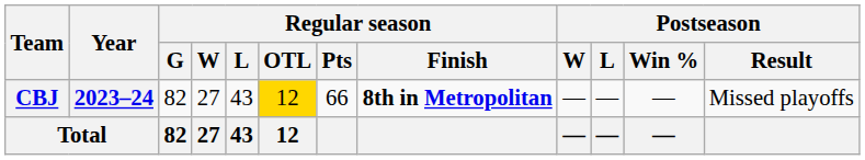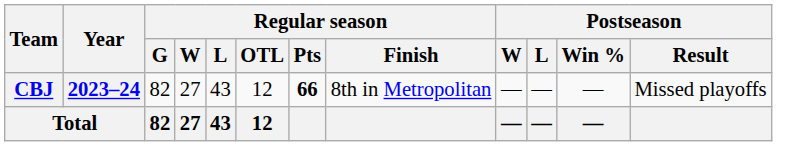 <table class="wikitable" style="font-size:95%; text-align:center;">
 <tr>
 <th rowspan="2">Team</th>
 <th rowspan="2">Year</th>
 <th colspan="6">Regular season</th>
 <th colspan="4">Postseason</th>
 </tr>
 <tr>
 <th>G</th>
 <th>W</th>
 <th>L</th>
 <th>OTL</th>
 <th>Pts</th>
 <th>Finish</th>
 <th>W</th>
 <th>L</th>
 <th>Win %</th>
 <th>Result</th>
 </tr>
 <tr>
 <th><a href='#'>CBJ</a></th>
 <th><a href='#'>2023–24</a></th>
 <td>82</td>
 <td>27</td>
 <td>43</td>
-<td style="background: gold;">12</td>
-<td>66</td>
-<td><strong>8th in <a href='#'>Metropolitan</a></strong></td>
+<td>12</td>
+<td><strong>66</strong></td>
+<td>8th in <a href='#'>Metropolitan</a></td>
 <td>—</td>
 <td>—</td>
 <td>—</td>
 <td>Missed playoffs</td>
 </tr>
 <tr>
 <th colspan="2">Total</th>
 <th>82</th>
 <th>27</th>
 <th>43</th>
 <th>12</th>
 <th> </th>
 <th> </th>
 <th>—</th>
 <th>—</th>
 <th>—</th>
 <th> </th>
 </tr>
 </table>
